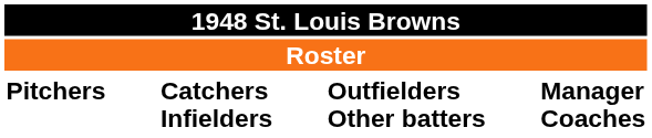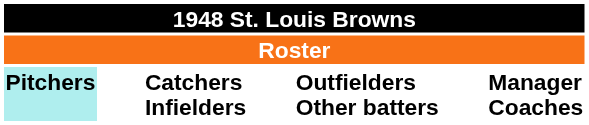 <table class="toccolours" style="font-size: 95%;">
 <tr>
 <th colspan="10" style="background-color: black; color: white; text-align: center;">1948 St. Louis Browns</th>
 </tr>
 <tr>
 <td colspan="10" style="background-color: #F87217; color: white; text-align: center;"><strong>Roster</strong></td>
 </tr>
 <tr>
-<td valign="top"><strong>Pitchers</strong><br>               </td>
+<td valign="top" style="background: paleturquoise;"><strong>Pitchers</strong><br>               </td>
 <td width="25px"></td>
 <td valign="top"><strong>Catchers</strong><br>  <strong>Infielders</strong>        </td>
 <td width="25px"></td>
 <td valign="top"><strong>Outfielders</strong><br>         <strong>Other batters</strong>  </td>
 <td width="25px"></td>
 <td valign="top"><strong>Manager</strong><br> <strong>Coaches</strong>   </td>
 </tr>
 <tr>
 </tr>
 </table>
